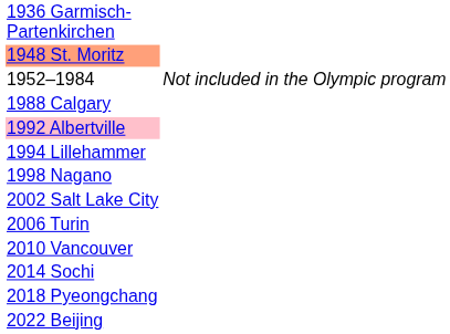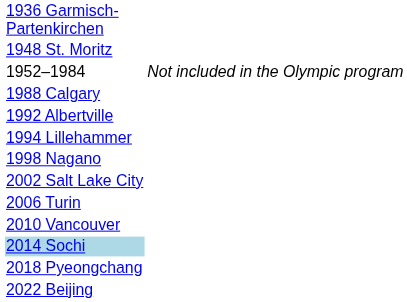 <table>
 <tr>
 <td><a href='#'>1936 Garmisch-<br>Partenkirchen</a><br></td>
 <td></td>
 <td></td>
 <td></td>
 </tr>
 <tr>
-<td style="background: lightsalmon;"><a href='#'>1948 St. Moritz</a><br></td>
+<td><a href='#'>1948 St. Moritz</a><br></td>
 <td></td>
 <td></td>
 <td></td>
 </tr>
 <tr>
 <td>1952–1984</td>
 <td colspan=3 align=center><em>Not included in the Olympic program</em></td>
 </tr>
 <tr>
 <td><a href='#'>1988 Calgary</a><br></td>
 <td></td>
 <td></td>
 <td></td>
 </tr>
 <tr>
-<td style="background: pink;"><a href='#'>1992 Albertville</a><br></td>
+<td><a href='#'>1992 Albertville</a><br></td>
 <td></td>
 <td></td>
 <td></td>
 </tr>
 <tr>
 <td><a href='#'>1994 Lillehammer</a><br></td>
 <td></td>
 <td></td>
 <td></td>
 </tr>
 <tr>
 <td><a href='#'>1998 Nagano</a><br></td>
 <td></td>
 <td></td>
 <td></td>
 </tr>
 <tr>
 <td><a href='#'>2002 Salt Lake City</a><br></td>
 <td></td>
 <td></td>
 <td></td>
 </tr>
 <tr>
 <td><a href='#'>2006 Turin</a><br></td>
 <td></td>
 <td></td>
 <td></td>
 </tr>
 <tr>
 <td><a href='#'>2010 Vancouver</a><br></td>
 <td></td>
 <td></td>
 <td></td>
 </tr>
 <tr>
-<td><a href='#'>2014 Sochi</a><br></td>
+<td style="background: lightblue;"><a href='#'>2014 Sochi</a><br></td>
 <td></td>
 <td></td>
 <td></td>
 </tr>
 <tr>
 <td><a href='#'>2018 Pyeongchang</a><br></td>
 <td></td>
 <td></td>
 <td></td>
 </tr>
 <tr>
 <td><a href='#'>2022 Beijing</a> <br></td>
 <td></td>
 <td></td>
 <td></td>
 </tr>
 <tr>
 </tr>
 </table>
